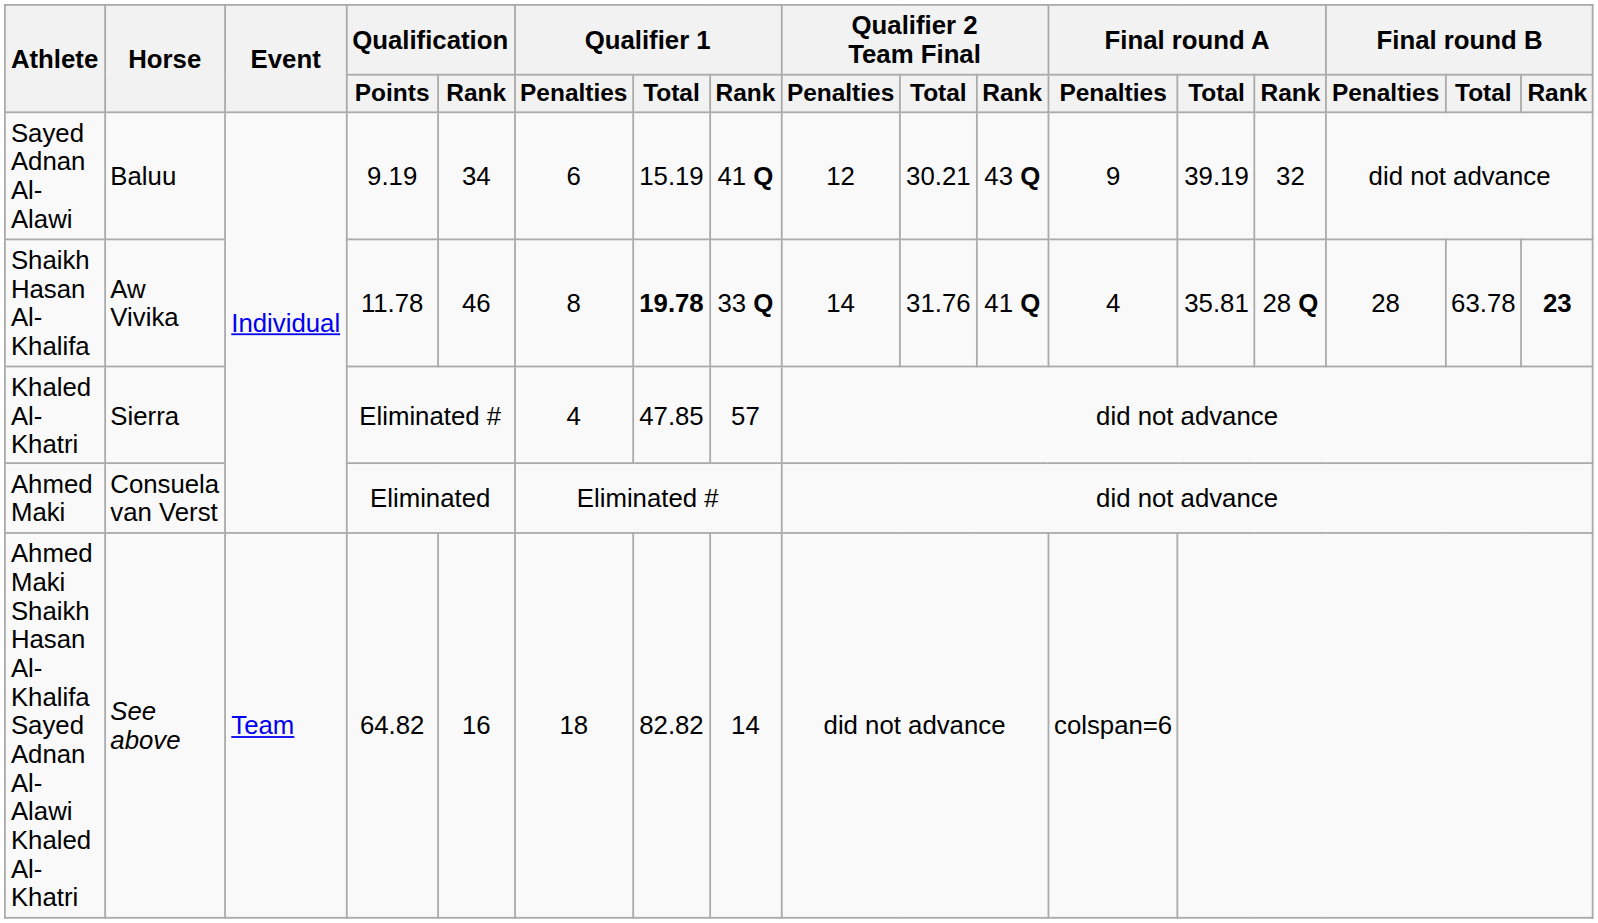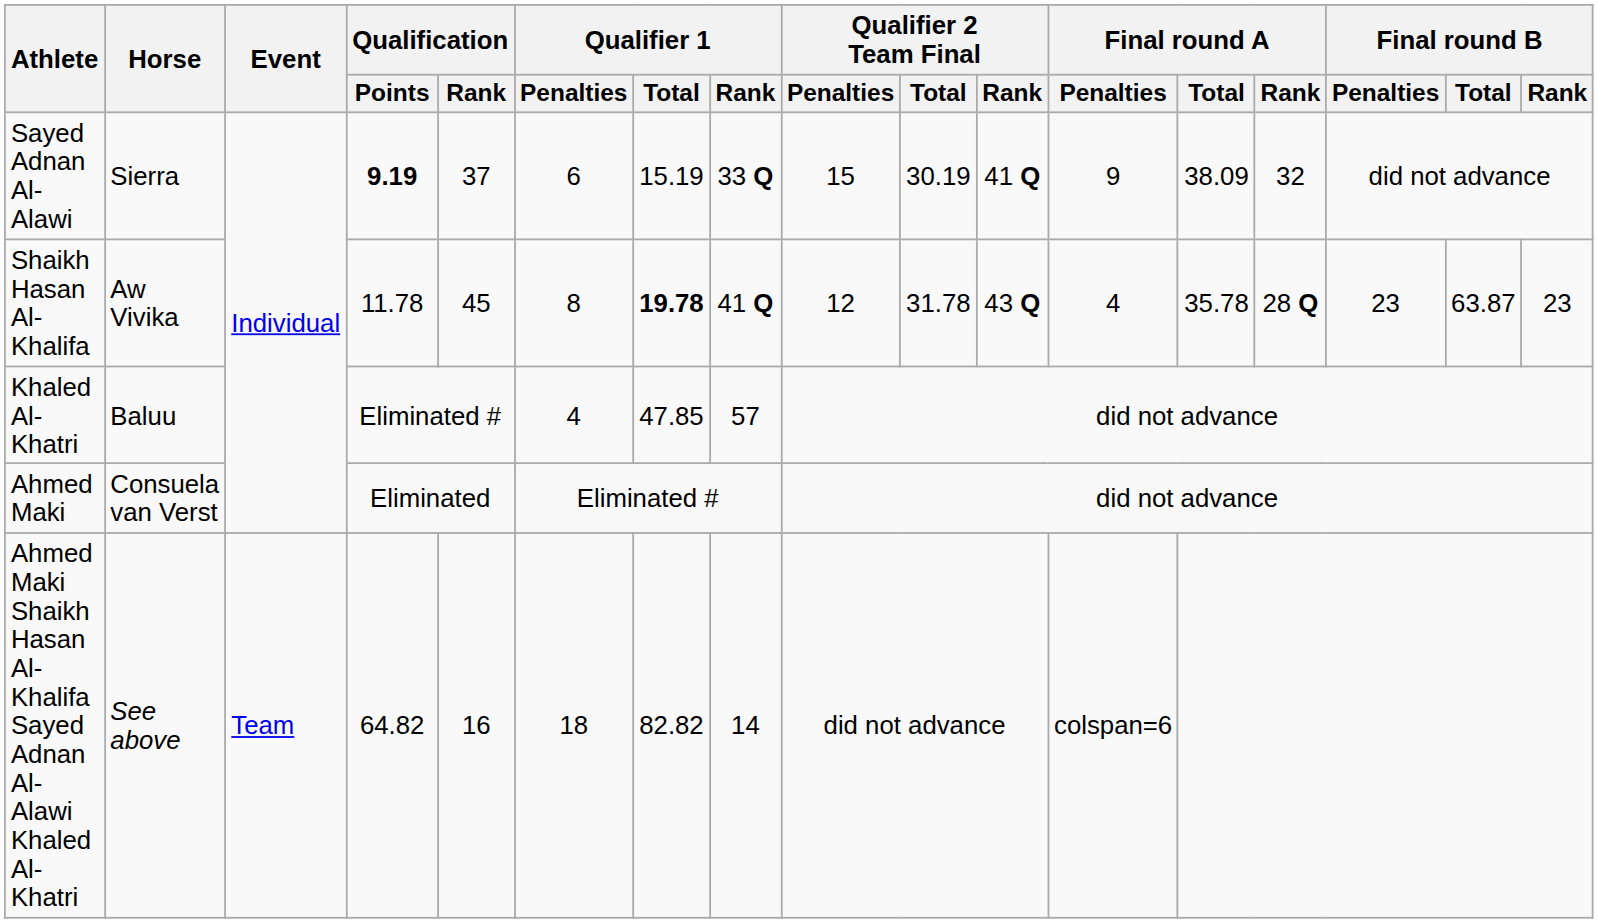 <table class=wikitable style=font-size:90%;text-align:center>
 <tr>
 <th rowspan=2>Athlete</th>
 <th rowspan=2>Horse</th>
 <th rowspan=2>Event</th>
 <th colspan=2>Qualification</th>
 <th colspan=3>Qualifier 1</th>
 <th colspan=3>Qualifier 2<br>Team Final</th>
 <th colspan=3>Final round A</th>
 <th colspan=3>Final round B</th>
 </tr>
 <tr style="font-size:95%">
 <th>Points</th>
 <th>Rank</th>
 <th>Penalties</th>
 <th>Total</th>
 <th>Rank</th>
 <th>Penalties</th>
 <th>Total</th>
 <th>Rank</th>
 <th>Penalties</th>
 <th>Total</th>
 <th>Rank</th>
 <th>Penalties</th>
 <th>Total</th>
 <th>Rank</th>
 </tr>
 <tr>
 <td align=left>Sayed Adnan Al-Alawi</td>
-<td align=left>Baluu</td>
+<td align=left>Sierra</td>
 <td align=left rowspan=4><a href='#'>Individual</a></td>
-<td>9.19</td>
-<td>34</td>
+<td><strong>9.19</strong></td>
+<td>37</td>
 <td>6</td>
 <td>15.19</td>
+<td>33 <strong>Q</strong></td>
+<td>15</td>
+<td>30.19</td>
 <td>41 <strong>Q</strong></td>
-<td>12</td>
-<td>30.21</td>
-<td>43 <strong>Q</strong></td>
 <td>9</td>
-<td>39.19</td>
+<td>38.09</td>
 <td>32</td>
 <td colspan=3>did not advance</td>
 </tr>
 <tr>
 <td align=left>Shaikh Hasan Al-Khalifa</td>
 <td align=left>Aw Vivika</td>
 <td>11.78</td>
-<td>46</td>
+<td>45</td>
 <td>8</td>
 <td><strong>19.78</strong></td>
-<td>33 <strong>Q</strong></td>
-<td>14</td>
-<td>31.76</td>
 <td>41 <strong>Q</strong></td>
+<td>12</td>
+<td>31.78</td>
+<td>43 <strong>Q</strong></td>
 <td>4</td>
-<td>35.81</td>
+<td>35.78</td>
 <td>28 <strong>Q</strong></td>
-<td>28</td>
-<td>63.78</td>
-<td><strong>23</strong></td>
+<td>23</td>
+<td>63.87</td>
+<td>23</td>
 </tr>
 <tr>
 <td align=left>Khaled Al-Khatri</td>
-<td align=left>Sierra</td>
+<td align=left>Baluu</td>
 <td colspan=2>Eliminated #</td>
 <td>4</td>
 <td>47.85</td>
 <td>57</td>
 <td colspan=9>did not advance</td>
 </tr>
 <tr>
 <td align=left>Ahmed Maki</td>
 <td align=left>Consuela van Verst</td>
 <td colspan=2>Eliminated</td>
 <td colspan=3>Eliminated #</td>
 <td colspan=9>did not advance</td>
 </tr>
 <tr>
 <td align=left>Ahmed Maki<br>Shaikh Hasan Al-Khalifa<br>Sayed Adnan Al-Alawi<br>Khaled Al-Khatri</td>
 <td align=left><em>See above</em></td>
 <td align=left><a href='#'>Team</a></td>
 <td>64.82</td>
 <td>16</td>
 <td>18</td>
 <td>82.82</td>
 <td>14</td>
 <td colspan=3>did not advance</td>
 <td>colspan=6 </td>
 </tr>
 </table>
